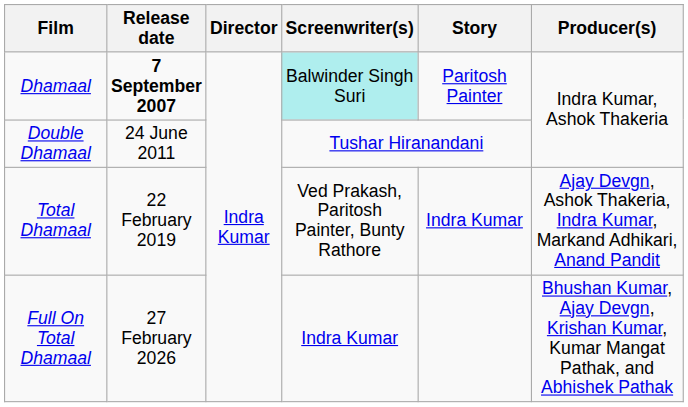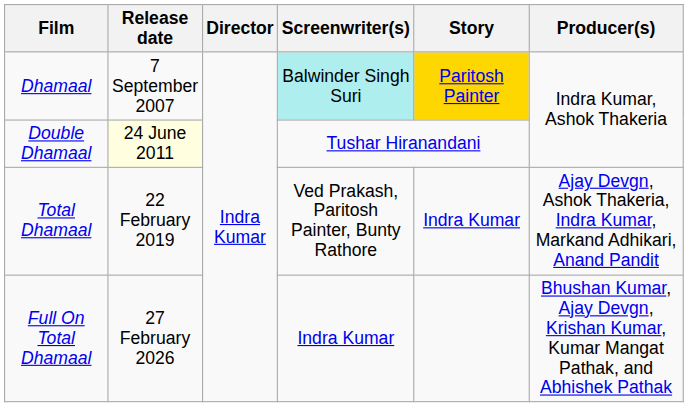 <table class="wikitable plainrowheaders" style="text-align:center; width:99%;">
 <tr>
 <th width="17%">Film</th>
 <th>Release date</th>
 <th>Director</th>
 <th width=18%>Screenwriter(s)</th>
 <th width=20%>Story</th>
 <th width=26%>Producer(s)</th>
 </tr>
 <tr>
 <td><em><a href='#'>Dhamaal</a></em></td>
-<td><strong>7 September 2007</strong></td>
+<td>7 September 2007</td>
 <td rowspan="4"><a href='#'>Indra Kumar</a></td>
 <td style="background: paleturquoise;">Balwinder Singh Suri</td>
-<td><a href='#'>Paritosh Painter</a></td>
+<td style="background: gold;"><a href='#'>Paritosh Painter</a></td>
 <td rowspan=2>Indra Kumar, Ashok Thakeria</td>
 </tr>
 <tr>
 <td><em><a href='#'>Double Dhamaal</a></em></td>
-<td>24 June 2011</td>
+<td style="background: lightyellow;">24 June 2011</td>
 <td colspan=2><a href='#'>Tushar Hiranandani</a></td>
 </tr>
 <tr>
 <td><em><a href='#'>Total Dhamaal</a></em></td>
 <td>22 February 2019</td>
 <td>Ved Prakash, Paritosh Painter, Bunty Rathore</td>
 <td><a href='#'>Indra Kumar</a></td>
 <td><a href='#'>Ajay Devgn</a>, Ashok Thakeria, <a href='#'>Indra Kumar</a>, Markand Adhikari, <a href='#'>Anand Pandit</a></td>
 </tr>
 <tr>
 <td><em><a href='#'>Full On Total Dhamaal</a></em></td>
 <td>27 February 2026</td>
 <td><a href='#'>Indra Kumar</a></td>
 <td></td>
 <td><a href='#'>Bhushan Kumar</a>, <a href='#'>Ajay Devgn</a>, <a href='#'>Krishan Kumar</a>, Kumar Mangat Pathak, and <a href='#'>Abhishek Pathak</a></td>
 </tr>
 </table>
